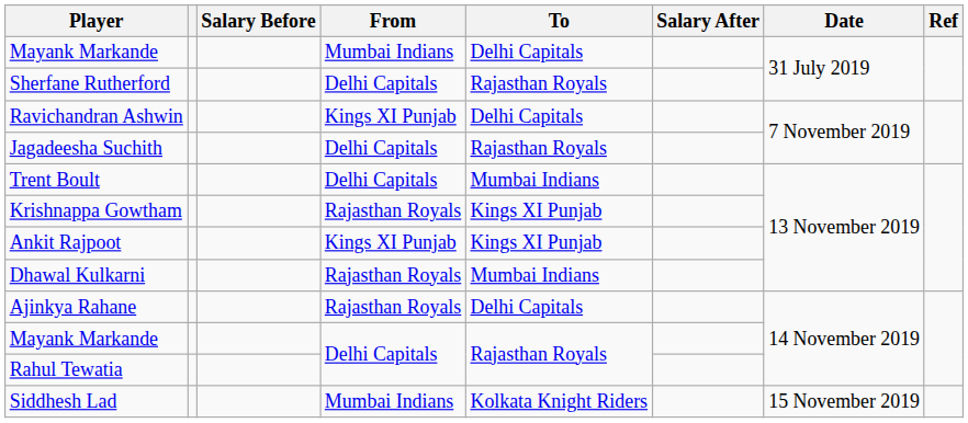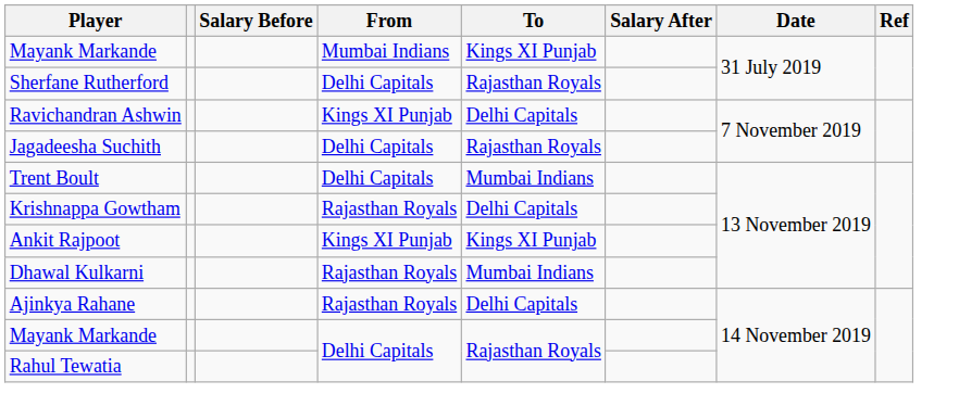 <table class="wikitable"  style="font-size:97%;">
 <tr>
 <th>Player</th>
 <th></th>
 <th>Salary Before</th>
 <th>From</th>
 <th>To</th>
 <th>Salary After</th>
 <th>Date</th>
 <th>Ref</th>
 </tr>
 <tr>
 <td><a href='#'>Mayank Markande</a></td>
 <td></td>
 <td></td>
 <td><a href='#'>Mumbai Indians</a></td>
-<td><a href='#'>Delhi Capitals</a></td>
+<td><a href='#'>Kings XI Punjab</a></td>
 <td></td>
 <td rowspan="2">31 July 2019</td>
 <td rowspan="2"></td>
 </tr>
 <tr>
 <td><a href='#'>Sherfane Rutherford</a></td>
 <td></td>
 <td></td>
 <td><a href='#'>Delhi Capitals</a></td>
 <td><a href='#'>Rajasthan Royals</a></td>
 <td></td>
 </tr>
 <tr>
 <td><a href='#'>Ravichandran Ashwin</a></td>
 <td></td>
 <td></td>
 <td><a href='#'>Kings XI Punjab</a></td>
 <td><a href='#'>Delhi Capitals</a></td>
 <td></td>
 <td rowspan="2">7 November 2019</td>
 <td rowspan="2"></td>
 </tr>
 <tr>
 <td><a href='#'>Jagadeesha Suchith</a></td>
 <td></td>
 <td></td>
 <td><a href='#'>Delhi Capitals</a></td>
 <td><a href='#'>Rajasthan Royals</a></td>
 <td></td>
 </tr>
 <tr>
 <td><a href='#'>Trent Boult</a></td>
 <td></td>
 <td></td>
 <td><a href='#'>Delhi Capitals</a></td>
 <td><a href='#'>Mumbai Indians</a></td>
 <td></td>
 <td rowspan="4">13 November 2019</td>
 <td rowspan="4"></td>
 </tr>
 <tr>
 <td><a href='#'>Krishnappa Gowtham</a></td>
 <td></td>
 <td></td>
 <td><a href='#'>Rajasthan Royals</a></td>
-<td><a href='#'>Kings XI Punjab</a></td>
+<td><a href='#'>Delhi Capitals</a></td>
 <td></td>
 </tr>
 <tr>
 <td><a href='#'>Ankit Rajpoot</a></td>
 <td></td>
 <td></td>
 <td><a href='#'>Kings XI Punjab</a></td>
 <td><a href='#'>Kings XI Punjab</a></td>
 <td></td>
 </tr>
 <tr>
 <td><a href='#'>Dhawal Kulkarni</a></td>
 <td></td>
 <td></td>
 <td><a href='#'>Rajasthan Royals</a></td>
 <td><a href='#'>Mumbai Indians</a></td>
 <td></td>
 </tr>
 <tr>
 <td><a href='#'>Ajinkya Rahane</a></td>
 <td></td>
 <td></td>
 <td><a href='#'>Rajasthan Royals</a></td>
 <td><a href='#'>Delhi Capitals</a></td>
 <td></td>
 <td rowspan="3">14 November 2019</td>
 <td rowspan="3"></td>
 </tr>
 <tr>
 <td><a href='#'>Mayank Markande</a></td>
 <td></td>
 <td></td>
 <td rowspan="2"><a href='#'>Delhi Capitals</a></td>
 <td rowspan="2"><a href='#'>Rajasthan Royals</a></td>
 <td></td>
 </tr>
 <tr>
 <td><a href='#'>Rahul Tewatia</a></td>
 <td></td>
 <td></td>
 <td></td>
 </tr>
-<tr>
-<td><a href='#'>Siddhesh Lad</a></td>
-<td></td>
-<td></td>
-<td><a href='#'>Mumbai Indians</a></td>
-<td><a href='#'>Kolkata Knight Riders</a></td>
-<td></td>
-<td>15 November 2019</td>
-<td></td>
-</tr>
 </table>
